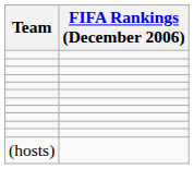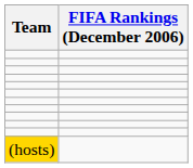 <table class="wikitable sortable" style="text-align: left;">
 <tr>
 <th>Team</th>
 <th><a href='#'>FIFA Rankings</a><br>(December 2006)</th>
 </tr>
 <tr>
 <td></td>
 <td></td>
 </tr>
 <tr>
 <td></td>
 <td></td>
 </tr>
 <tr>
 <td></td>
 <td></td>
 </tr>
 <tr>
 <td></td>
 <td></td>
 </tr>
 <tr>
 <td></td>
 <td></td>
 </tr>
 <tr>
 <td></td>
 <td></td>
 </tr>
 <tr>
 <td></td>
 <td></td>
 </tr>
 <tr>
 <td></td>
 <td></td>
 </tr>
 <tr>
 <td></td>
 <td></td>
 </tr>
 <tr>
 <td></td>
 <td></td>
 </tr>
 <tr>
 <td></td>
 <td></td>
 </tr>
 <tr>
-<td> (hosts)</td>
+<td style="background: gold;"> (hosts)</td>
 <td></td>
 </tr>
 </table>
